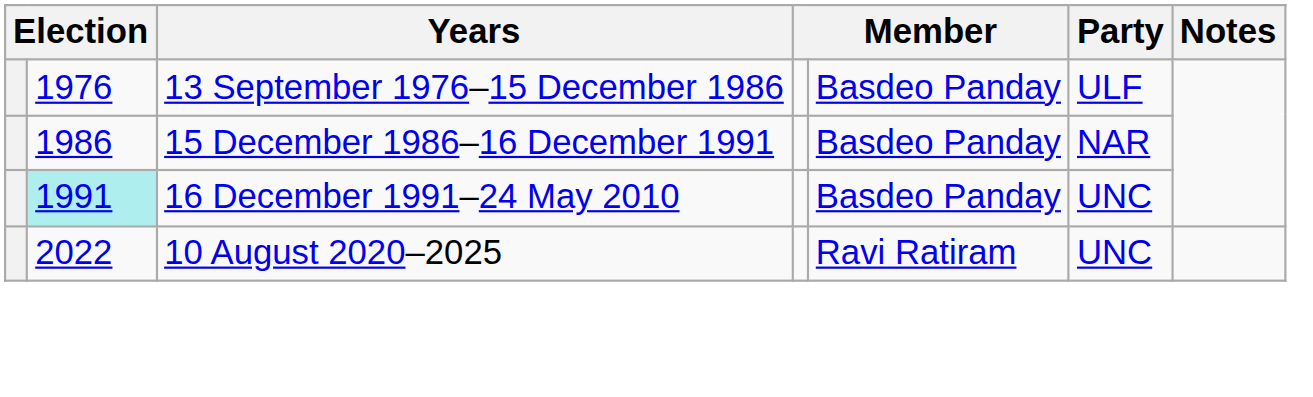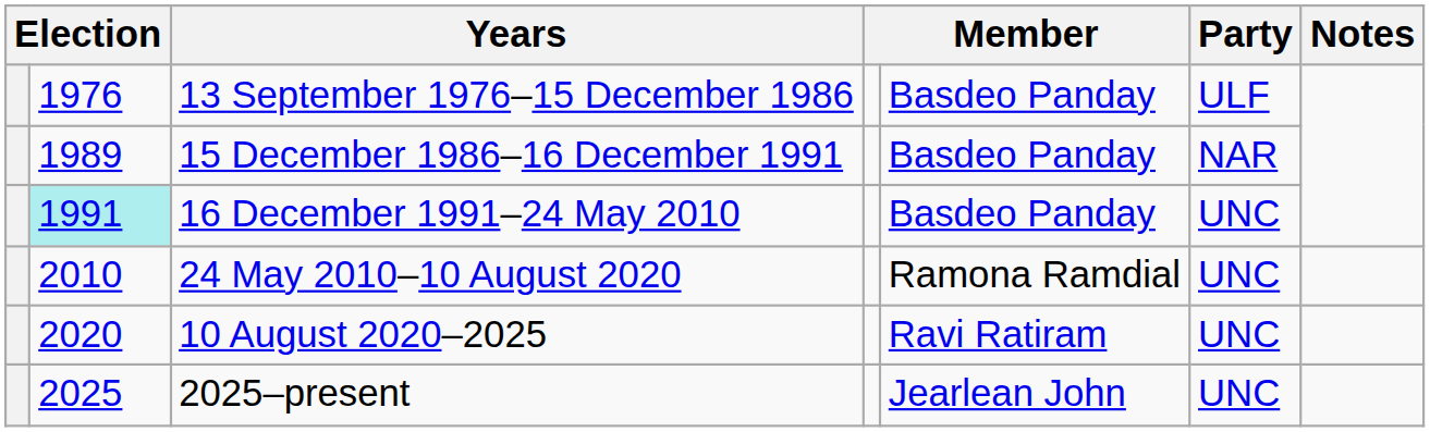 <table class="wikitable sortable" style="valign:top">
 <tr>
 <th colspan="2">Election</th>
 <th>Years</th>
 <th colspan="2">Member</th>
 <th>Party</th>
 <th>Notes</th>
 </tr>
 <tr>
 <th style="background-color: "></th>
 <td><a href='#'>1976</a></td>
 <td><a href='#'>13 September 1976</a>–<a href='#'>15 December 1986</a></td>
 <td></td>
 <td><a href='#'>Basdeo Panday</a></td>
 <td><a href='#'>ULF</a></td>
 <td rowspan="3"></td>
 </tr>
 <tr>
 <th style="background-color: "></th>
-<td><a href='#'>1986</a></td>
+<td><a href='#'>1989</a></td>
 <td><a href='#'>15 December 1986</a>–<a href='#'>16 December 1991</a></td>
 <td></td>
 <td><a href='#'>Basdeo Panday</a></td>
 <td><a href='#'>NAR</a></td>
 </tr>
 <tr>
 <th style="background-color: "></th>
 <td style="background: paleturquoise;"><a href='#'>1991</a></td>
 <td><a href='#'>16 December 1991</a>–<a href='#'>24 May 2010</a></td>
 <td></td>
 <td><a href='#'>Basdeo Panday</a></td>
 <td><a href='#'>UNC</a></td>
 </tr>
 <tr>
 <th style="background-color: "></th>
-<td><a href='#'>2022</a></td>
+<td><a href='#'>2010</a></td>
+<td><a href='#'>24 May 2010</a>–<a href='#'>10 August 2020</a></td>
+<td></td>
+<td>Ramona Ramdial</td>
+<td><a href='#'>UNC</a></td>
+<td></td>
+</tr>
+<tr>
+<th style="background-color: "></th>
+<td><a href='#'>2020</a></td>
 <td><a href='#'>10 August 2020</a>–2025</td>
 <td></td>
 <td><a href='#'>Ravi Ratiram</a></td>
 <td><a href='#'>UNC</a></td>
 <td></td>
 </tr>
+<tr>
+<th style="background-color: "></th>
+<td><a href='#'>2025</a></td>
+<td>2025–present</td>
+<td></td>
+<td><a href='#'>Jearlean John</a></td>
+<td><a href='#'>UNC</a></td>
+<td></td>
+</tr>
 </table>
